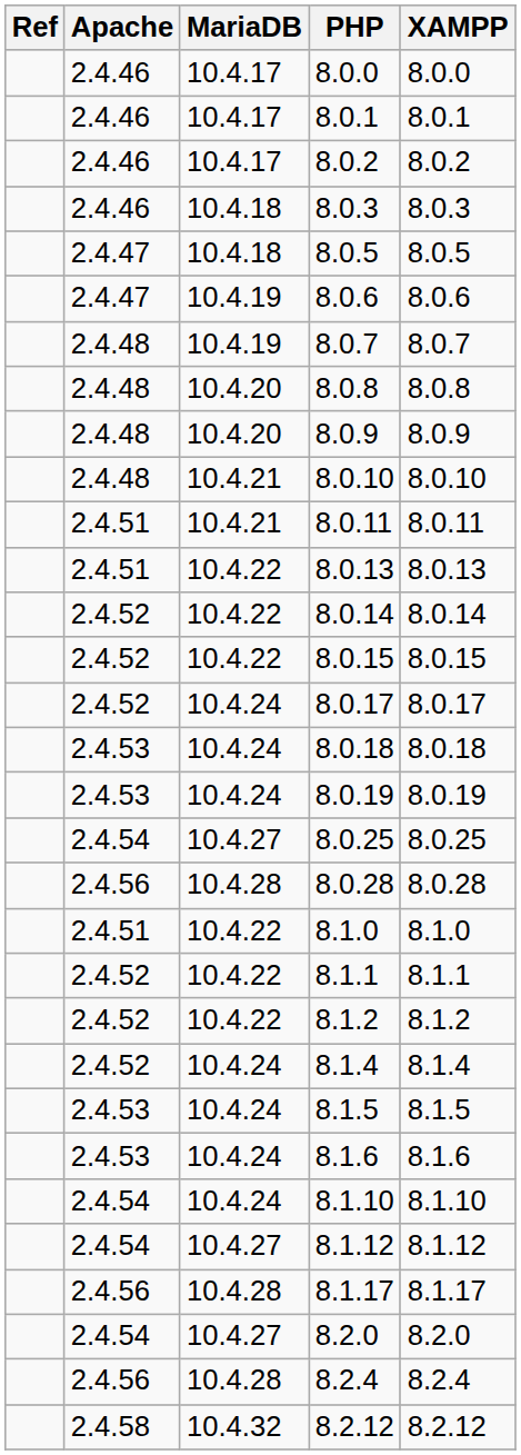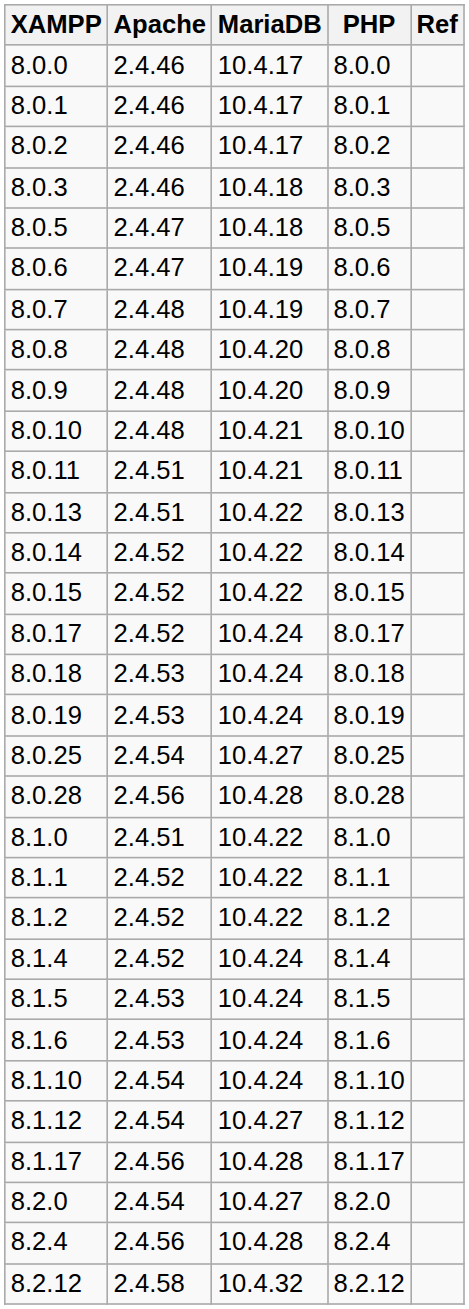 <table class="wikitable sortable mw-collapsible mw-collapsed">
 <tr>
-<th>Ref</th>
+<th>XAMPP</th>
 <th>Apache</th>
 <th>MariaDB</th>
 <th>PHP</th>
-<th>XAMPP</th>
+<th>Ref</th>
 </tr>
 <tr>
-<td></td>
+<td>8.0.0</td>
 <td>2.4.46</td>
 <td>10.4.17</td>
 <td>8.0.0</td>
-<td>8.0.0</td>
+<td></td>
 </tr>
 <tr>
-<td></td>
+<td>8.0.1</td>
 <td>2.4.46</td>
 <td>10.4.17</td>
 <td>8.0.1</td>
-<td>8.0.1</td>
+<td></td>
 </tr>
 <tr>
-<td></td>
+<td>8.0.2</td>
 <td>2.4.46</td>
 <td>10.4.17</td>
 <td>8.0.2</td>
-<td>8.0.2</td>
+<td></td>
 </tr>
 <tr>
-<td></td>
+<td>8.0.3</td>
 <td>2.4.46</td>
 <td>10.4.18</td>
 <td>8.0.3</td>
-<td>8.0.3</td>
+<td></td>
 </tr>
 <tr>
-<td></td>
+<td>8.0.5</td>
 <td>2.4.47</td>
 <td>10.4.18</td>
 <td>8.0.5</td>
-<td>8.0.5</td>
+<td></td>
 </tr>
 <tr>
-<td></td>
+<td>8.0.6</td>
 <td>2.4.47</td>
 <td>10.4.19</td>
 <td>8.0.6</td>
-<td>8.0.6</td>
+<td></td>
 </tr>
 <tr>
-<td></td>
+<td>8.0.7</td>
 <td>2.4.48</td>
 <td>10.4.19</td>
 <td>8.0.7</td>
-<td>8.0.7</td>
+<td></td>
 </tr>
 <tr>
-<td></td>
+<td>8.0.8</td>
 <td>2.4.48</td>
 <td>10.4.20</td>
 <td>8.0.8</td>
-<td>8.0.8</td>
+<td></td>
 </tr>
 <tr>
-<td></td>
+<td>8.0.9</td>
 <td>2.4.48</td>
 <td>10.4.20</td>
 <td>8.0.9</td>
-<td>8.0.9</td>
+<td></td>
 </tr>
 <tr>
-<td></td>
+<td>8.0.10</td>
 <td>2.4.48</td>
 <td>10.4.21</td>
 <td>8.0.10</td>
-<td>8.0.10</td>
+<td></td>
 </tr>
 <tr>
-<td></td>
+<td>8.0.11</td>
 <td>2.4.51</td>
 <td>10.4.21</td>
 <td>8.0.11</td>
-<td>8.0.11</td>
+<td></td>
 </tr>
 <tr>
-<td></td>
+<td>8.0.13</td>
 <td>2.4.51</td>
 <td>10.4.22</td>
 <td>8.0.13</td>
-<td>8.0.13</td>
+<td></td>
 </tr>
 <tr>
-<td></td>
+<td>8.0.14</td>
 <td>2.4.52</td>
 <td>10.4.22</td>
 <td>8.0.14</td>
-<td>8.0.14</td>
+<td></td>
 </tr>
 <tr>
-<td></td>
+<td>8.0.15</td>
 <td>2.4.52</td>
 <td>10.4.22</td>
 <td>8.0.15</td>
-<td>8.0.15</td>
+<td></td>
 </tr>
 <tr>
-<td></td>
+<td>8.0.17</td>
 <td>2.4.52</td>
 <td>10.4.24</td>
 <td>8.0.17</td>
-<td>8.0.17</td>
+<td></td>
 </tr>
 <tr>
-<td></td>
+<td>8.0.18</td>
 <td>2.4.53</td>
 <td>10.4.24</td>
 <td>8.0.18</td>
-<td>8.0.18</td>
+<td></td>
 </tr>
 <tr>
-<td></td>
+<td>8.0.19</td>
 <td>2.4.53</td>
 <td>10.4.24</td>
 <td>8.0.19</td>
-<td>8.0.19</td>
+<td></td>
 </tr>
 <tr>
-<td></td>
+<td>8.0.25</td>
 <td>2.4.54</td>
 <td>10.4.27</td>
 <td>8.0.25</td>
-<td>8.0.25</td>
+<td></td>
 </tr>
 <tr>
-<td></td>
+<td>8.0.28</td>
 <td>2.4.56</td>
 <td>10.4.28</td>
 <td>8.0.28</td>
-<td>8.0.28</td>
+<td></td>
 </tr>
 <tr>
-<td></td>
+<td>8.1.0</td>
 <td>2.4.51</td>
 <td>10.4.22</td>
 <td>8.1.0</td>
-<td>8.1.0</td>
+<td></td>
 </tr>
 <tr>
-<td></td>
+<td>8.1.1</td>
 <td>2.4.52</td>
 <td>10.4.22</td>
 <td>8.1.1</td>
-<td>8.1.1</td>
+<td></td>
 </tr>
 <tr>
-<td></td>
+<td>8.1.2</td>
 <td>2.4.52</td>
 <td>10.4.22</td>
 <td>8.1.2</td>
-<td>8.1.2</td>
+<td></td>
 </tr>
 <tr>
-<td></td>
+<td>8.1.4</td>
 <td>2.4.52</td>
 <td>10.4.24</td>
 <td>8.1.4</td>
-<td>8.1.4</td>
+<td></td>
 </tr>
 <tr>
-<td></td>
+<td>8.1.5</td>
 <td>2.4.53</td>
 <td>10.4.24</td>
 <td>8.1.5</td>
-<td>8.1.5</td>
+<td></td>
 </tr>
 <tr>
-<td></td>
+<td>8.1.6</td>
 <td>2.4.53</td>
 <td>10.4.24</td>
 <td>8.1.6</td>
-<td>8.1.6</td>
+<td></td>
 </tr>
 <tr>
-<td></td>
+<td>8.1.10</td>
 <td>2.4.54</td>
 <td>10.4.24</td>
 <td>8.1.10</td>
-<td>8.1.10</td>
+<td></td>
 </tr>
 <tr>
-<td></td>
+<td>8.1.12</td>
 <td>2.4.54</td>
 <td>10.4.27</td>
 <td>8.1.12</td>
-<td>8.1.12</td>
+<td></td>
 </tr>
 <tr>
-<td></td>
+<td>8.1.17</td>
 <td>2.4.56</td>
 <td>10.4.28</td>
 <td>8.1.17</td>
-<td>8.1.17</td>
+<td></td>
 </tr>
 <tr>
-<td></td>
+<td>8.2.0</td>
 <td>2.4.54</td>
 <td>10.4.27</td>
 <td>8.2.0</td>
-<td>8.2.0</td>
+<td></td>
 </tr>
 <tr>
-<td></td>
+<td>8.2.4</td>
 <td>2.4.56</td>
 <td>10.4.28</td>
 <td>8.2.4</td>
-<td>8.2.4</td>
+<td></td>
 </tr>
 <tr>
-<td></td>
+<td>8.2.12</td>
 <td>2.4.58</td>
 <td>10.4.32</td>
 <td>8.2.12</td>
-<td>8.2.12</td>
+<td></td>
 </tr>
 </table>
